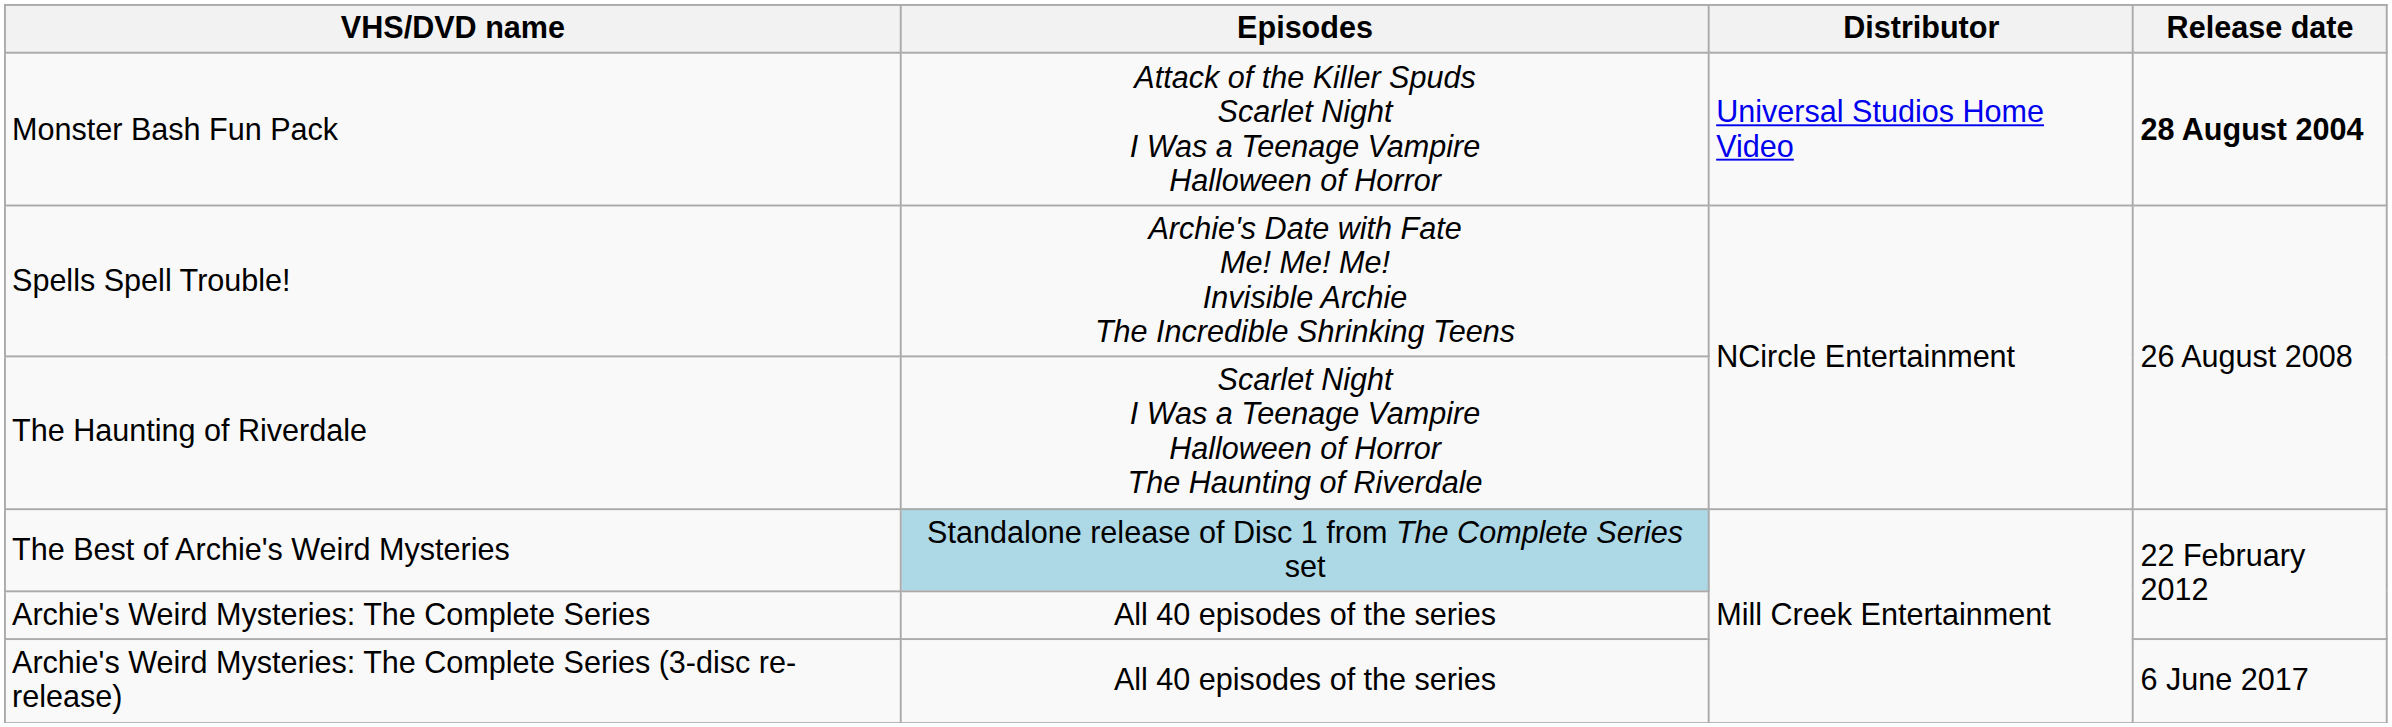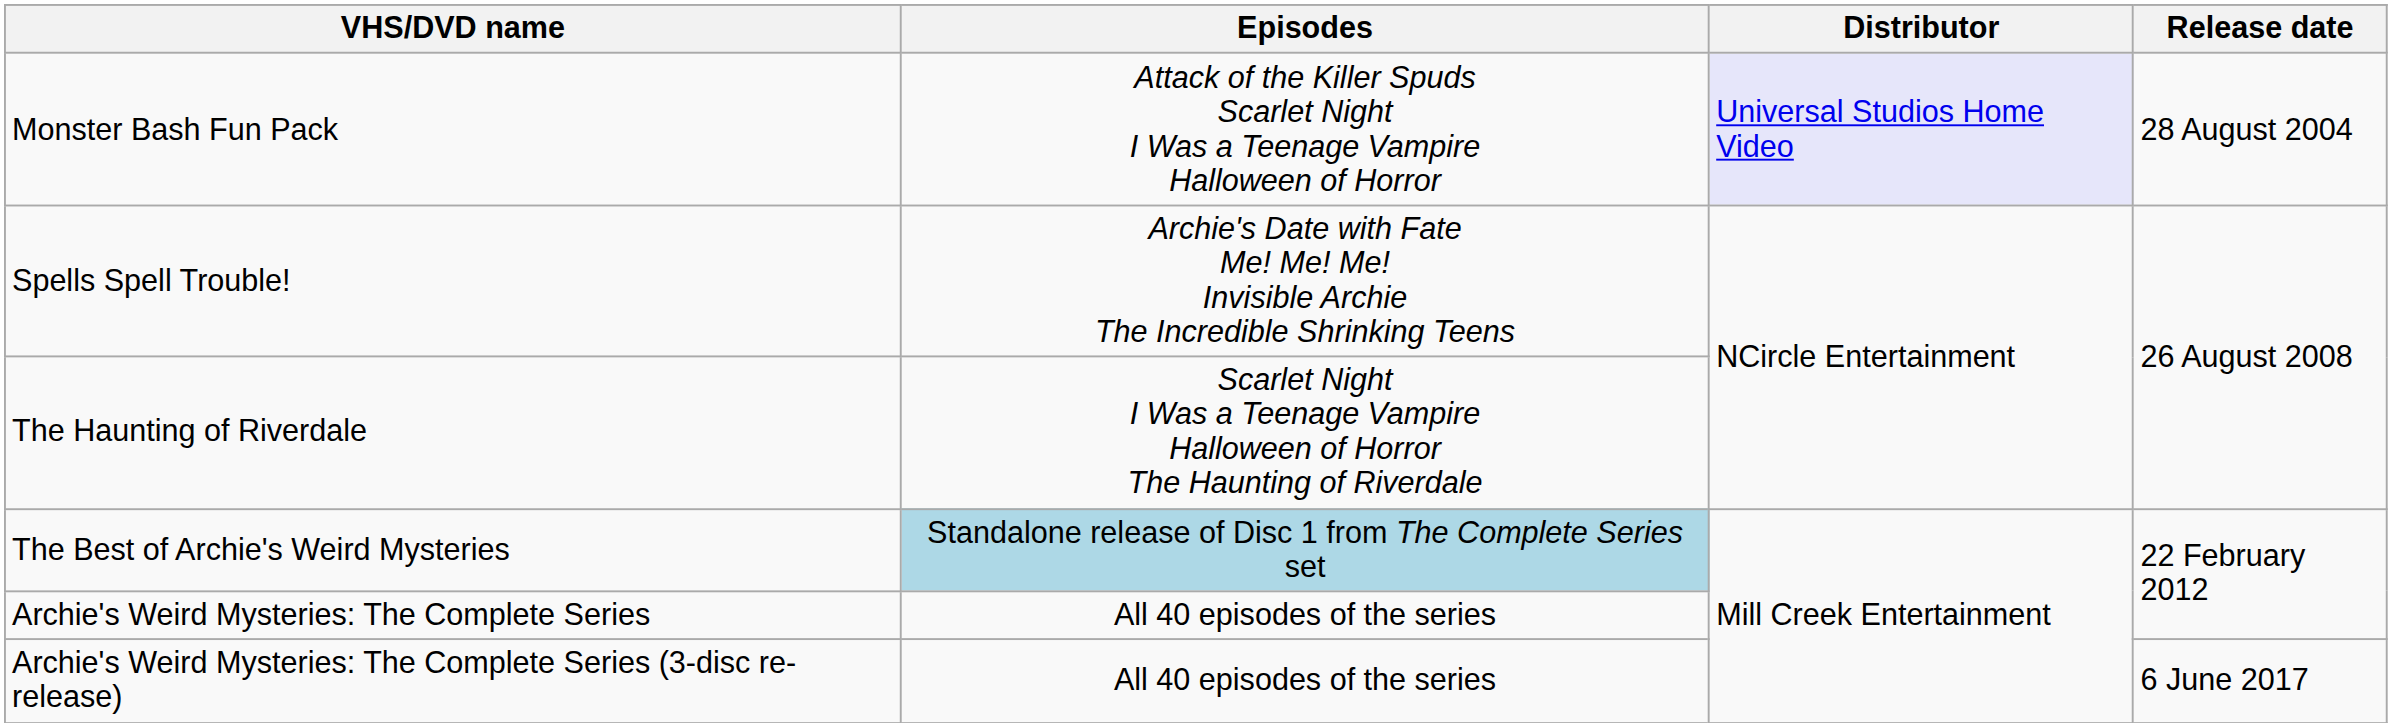 <table class="wikitable">
 <tr>
 <th>VHS/DVD name</th>
 <th>Episodes</th>
 <th>Distributor</th>
 <th>Release date</th>
 </tr>
 <tr>
 <td>Monster Bash Fun Pack</td>
 <td style="text-align:center;"><em>Attack of the Killer Spuds</em><br><em>Scarlet Night</em><br><em>I Was a Teenage Vampire</em><br><em>Halloween of Horror</em></td>
-<td><a href='#'>Universal Studios Home Video</a></td>
-<td><strong>28 August 2004</strong></td>
+<td style="background: lavender;"><a href='#'>Universal Studios Home Video</a></td>
+<td>28 August 2004</td>
 </tr>
 <tr>
 <td>Spells Spell Trouble!</td>
 <td style="text-align:center;"><em>Archie's Date with Fate</em><br><em>Me! Me! Me!</em><br><em>Invisible Archie</em><br><em>The Incredible Shrinking Teens</em></td>
 <td rowspan=2>NCircle Entertainment</td>
 <td rowspan=2>26 August 2008</td>
 </tr>
 <tr>
 <td>The Haunting of Riverdale</td>
 <td style="text-align:center;"><em>Scarlet Night</em><br><em>I Was a Teenage Vampire</em><br><em>Halloween of Horror</em><br><em>The Haunting of Riverdale</em></td>
 </tr>
 <tr>
 <td>The Best of Archie's Weird Mysteries</td>
 <td style="background: lightblue; text-align:center;">Standalone release of Disc 1 from <em>The Complete Series</em> set</td>
 <td rowspan=3>Mill Creek Entertainment</td>
 <td rowspan=2>22 February 2012</td>
 </tr>
 <tr>
 <td>Archie's Weird Mysteries: The Complete Series</td>
 <td style="text-align:center;">All 40 episodes of the series</td>
 </tr>
 <tr>
 <td>Archie's Weird Mysteries: The Complete Series (3-disc re-release)</td>
 <td style="text-align:center;">All 40 episodes of the series</td>
 <td>6 June 2017</td>
 </tr>
 </table>
